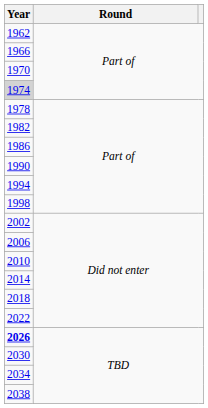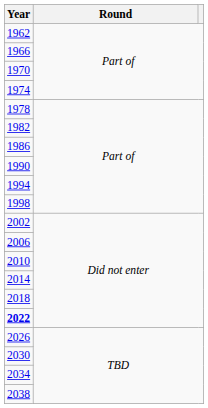 <table class="wikitable" style="text-align: center; font-size:90%">
 <tr>
 <th>Year</th>
 <th style="width:200px">Round</th>
 <th></th>
 </tr>
 <tr>
 <td><a href='#'>1962</a></td>
 <td colspan="2" rowspan="4"><em>Part of </em></td>
 </tr>
 <tr>
 <td><a href='#'>1966</a></td>
 </tr>
 <tr>
 <td><a href='#'>1970</a></td>
 </tr>
 <tr>
-<td style="background: lightgrey;"><a href='#'>1974</a></td>
+<td><a href='#'>1974</a></td>
 </tr>
 <tr>
 <td><a href='#'>1978</a></td>
 <td colspan="2" rowspan="6"><em>Part of </em></td>
 </tr>
 <tr>
 <td><a href='#'>1982</a></td>
 </tr>
 <tr>
 <td><a href='#'>1986</a></td>
 </tr>
 <tr>
 <td><a href='#'>1990</a></td>
 </tr>
 <tr>
 <td><a href='#'>1994</a></td>
 </tr>
 <tr>
 <td><a href='#'>1998</a></td>
 </tr>
 <tr>
 <td><a href='#'>2002</a></td>
 <td colspan="2" rowspan="6"><em>Did not enter</em></td>
 </tr>
 <tr>
 <td><a href='#'>2006</a></td>
 </tr>
 <tr>
 <td><a href='#'>2010</a></td>
 </tr>
 <tr>
 <td><a href='#'>2014</a></td>
 </tr>
 <tr>
 <td><a href='#'>2018</a></td>
 </tr>
 <tr>
-<td><a href='#'>2022</a></td>
+<td><strong><a href='#'>2022</a></strong></td>
 </tr>
 <tr>
-<td><strong><a href='#'>2026</a></strong></td>
+<td><a href='#'>2026</a></td>
 <td colspan="2" rowspan="4"><em>TBD</em></td>
 </tr>
 <tr>
 <td><a href='#'>2030</a></td>
 </tr>
 <tr>
 <td><a href='#'>2034</a></td>
 </tr>
 <tr>
 <td><a href='#'>2038</a></td>
 </tr>
 </table>
